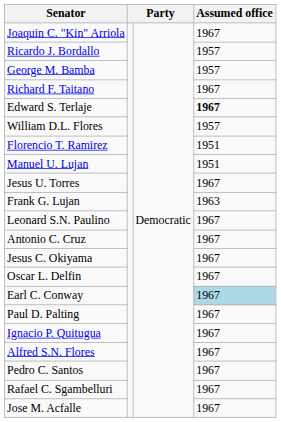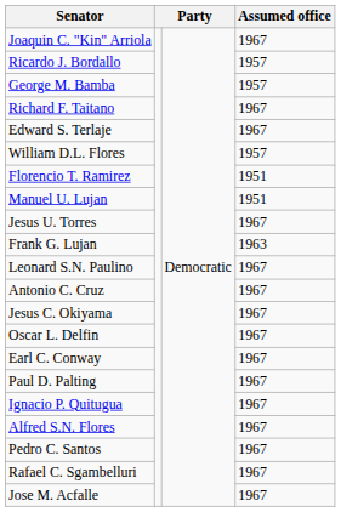 <table class="wikitable sortable" id="votingmembers">
 <tr style="vertical-align:bottom;">
 <th>Senator</th>
 <th colspan=2>Party</th>
 <th>Assumed office</th>
 </tr>
 <tr>
 <td><a href='#'>Joaquin C. "Kin" Arriola</a></td>
 <td rowspan="21" style="background-color:"></td>
 <td rowspan="21">Democratic</td>
 <td>1967</td>
 </tr>
 <tr>
 <td><a href='#'>Ricardo J. Bordallo</a></td>
 <td>1957</td>
 </tr>
 <tr>
 <td><a href='#'>George M. Bamba</a></td>
 <td>1957</td>
 </tr>
 <tr>
 <td><a href='#'>Richard F. Taitano</a></td>
 <td>1967</td>
 </tr>
 <tr>
 <td>Edward S. Terlaje</td>
-<td><strong>1967</strong></td>
+<td>1967</td>
 </tr>
 <tr>
 <td>William D.L. Flores</td>
 <td>1957</td>
 </tr>
 <tr>
 <td><a href='#'>Florencio T. Ramirez</a></td>
 <td>1951</td>
 </tr>
 <tr>
 <td><a href='#'>Manuel U. Lujan</a></td>
 <td>1951</td>
 </tr>
 <tr>
 <td>Jesus U. Torres</td>
 <td>1967</td>
 </tr>
 <tr>
 <td>Frank G. Lujan</td>
 <td>1963</td>
 </tr>
 <tr>
 <td>Leonard S.N. Paulino</td>
 <td>1967</td>
 </tr>
 <tr>
 <td>Antonio C. Cruz</td>
 <td>1967</td>
 </tr>
 <tr>
 <td>Jesus C. Okiyama</td>
 <td>1967</td>
 </tr>
 <tr>
 <td>Oscar L. Delfin</td>
 <td>1967</td>
 </tr>
 <tr>
 <td>Earl C. Conway</td>
-<td style="background: lightblue;">1967</td>
+<td>1967</td>
 </tr>
 <tr>
 <td>Paul D. Palting</td>
 <td>1967</td>
 </tr>
 <tr>
 <td><a href='#'>Ignacio P. Quitugua</a></td>
 <td>1967</td>
 </tr>
 <tr>
 <td><a href='#'>Alfred S.N. Flores</a></td>
 <td>1967</td>
 </tr>
 <tr>
 <td>Pedro C. Santos</td>
 <td>1967</td>
 </tr>
 <tr>
 <td>Rafael C. Sgambelluri</td>
 <td>1967</td>
 </tr>
 <tr>
 <td>Jose M. Acfalle</td>
 <td>1967</td>
 </tr>
 </table>
